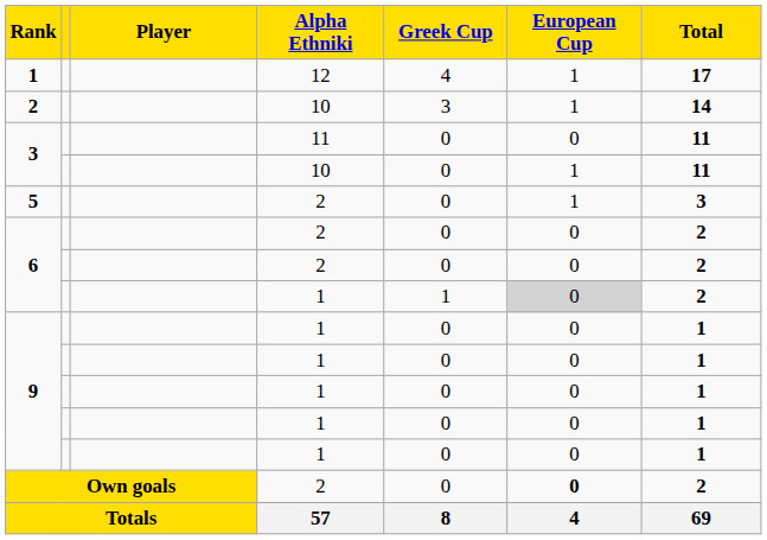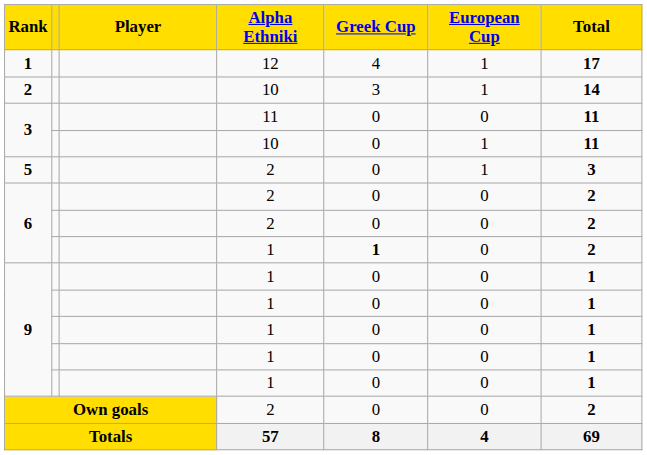 <table class="wikitable sortable" style="text-align: center">
 <tr>
 <th style="background:#FFDE00">Rank</th>
 <th style="background:#FFDE00"></th>
 <th width=200 style="background:#FFDE00">Player</th>
 <th width=120 style="background:#FFDE00"><a href='#'>Alpha Ethniki</a></th>
 <th width=120 style="background:#FFDE00"><a href='#'>Greek Cup</a></th>
 <th width=120 style="background:#FFDE00"><a href='#'>European Cup</a></th>
 <th width=120 style="background:#FFDE00">Total</th>
 </tr>
 <tr>
 <td><strong>1</strong></td>
 <td></td>
 <td align=left></td>
 <td>12</td>
 <td>4</td>
 <td>1</td>
 <td><strong>17</strong></td>
 </tr>
 <tr>
 <td><strong>2</strong></td>
 <td></td>
 <td align=left></td>
 <td>10</td>
 <td>3</td>
 <td>1</td>
 <td><strong>14</strong></td>
 </tr>
 <tr>
 <td rowspan=2><strong>3</strong></td>
 <td></td>
 <td align=left></td>
 <td>11</td>
 <td>0</td>
 <td>0</td>
 <td><strong>11</strong></td>
 </tr>
 <tr>
 <td></td>
 <td align=left></td>
 <td>10</td>
 <td>0</td>
 <td>1</td>
 <td><strong>11</strong></td>
 </tr>
 <tr>
 <td><strong>5</strong></td>
 <td></td>
 <td align=left></td>
 <td>2</td>
 <td>0</td>
 <td>1</td>
 <td><strong>3</strong></td>
 </tr>
 <tr>
 <td rowspan=3><strong>6</strong></td>
 <td></td>
 <td align=left></td>
 <td>2</td>
 <td>0</td>
 <td>0</td>
 <td><strong>2</strong></td>
 </tr>
 <tr>
 <td></td>
 <td align=left></td>
 <td>2</td>
 <td>0</td>
 <td>0</td>
 <td><strong>2</strong></td>
 </tr>
 <tr>
 <td></td>
 <td align=left></td>
 <td>1</td>
-<td>1</td>
-<td style="background: lightgrey;">0</td>
+<td><strong>1</strong></td>
+<td>0</td>
 <td><strong>2</strong></td>
 </tr>
 <tr>
 <td rowspan=5><strong>9</strong></td>
 <td></td>
 <td align=left></td>
 <td>1</td>
 <td>0</td>
 <td>0</td>
 <td><strong>1</strong></td>
 </tr>
 <tr>
 <td></td>
 <td align=left></td>
 <td>1</td>
 <td>0</td>
 <td>0</td>
 <td><strong>1</strong></td>
 </tr>
 <tr>
 <td></td>
 <td align=left></td>
 <td>1</td>
 <td>0</td>
 <td>0</td>
 <td><strong>1</strong></td>
 </tr>
 <tr>
 <td></td>
 <td align=left></td>
 <td>1</td>
 <td>0</td>
 <td>0</td>
 <td><strong>1</strong></td>
 </tr>
 <tr>
 <td></td>
 <td align=left></td>
 <td>1</td>
 <td>0</td>
 <td>0</td>
 <td><strong>1</strong></td>
 </tr>
 <tr class="sortbottom">
 <td colspan=3 style="background:#FFDE00"><strong>Own goals</strong></td>
 <td>2</td>
 <td>0</td>
-<td><strong>0</strong></td>
+<td>0</td>
 <td><strong>2</strong></td>
 </tr>
 <tr class="sortbottom">
 <th colspan=3 style="background:#FFDE00"><strong>Totals</strong></th>
 <th><strong>57</strong></th>
 <th><strong> 8</strong></th>
 <th><strong> 4</strong></th>
 <th><strong>69</strong></th>
 </tr>
 </table>
